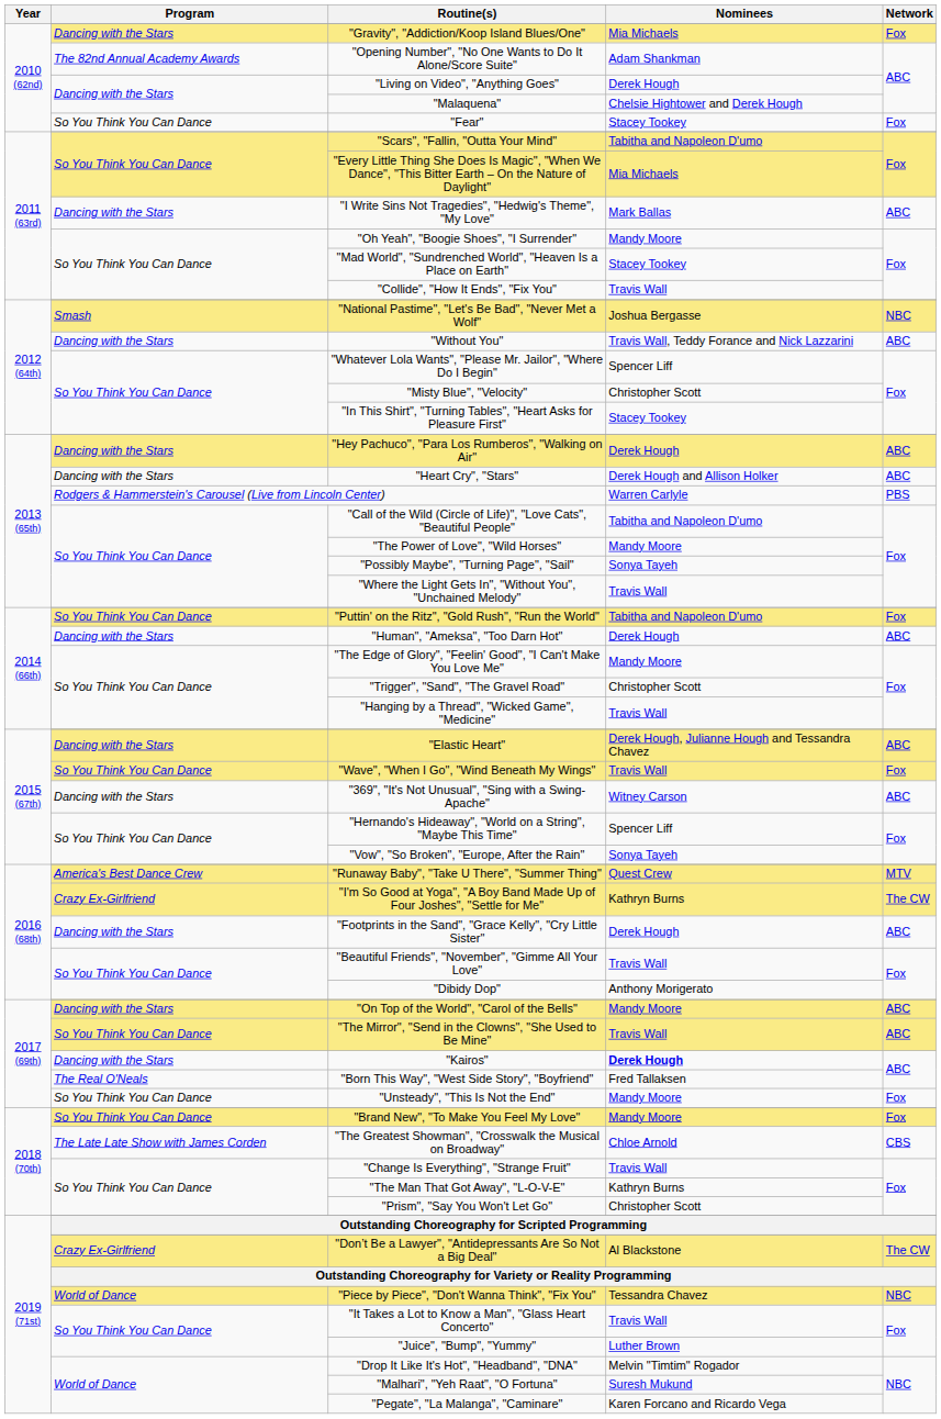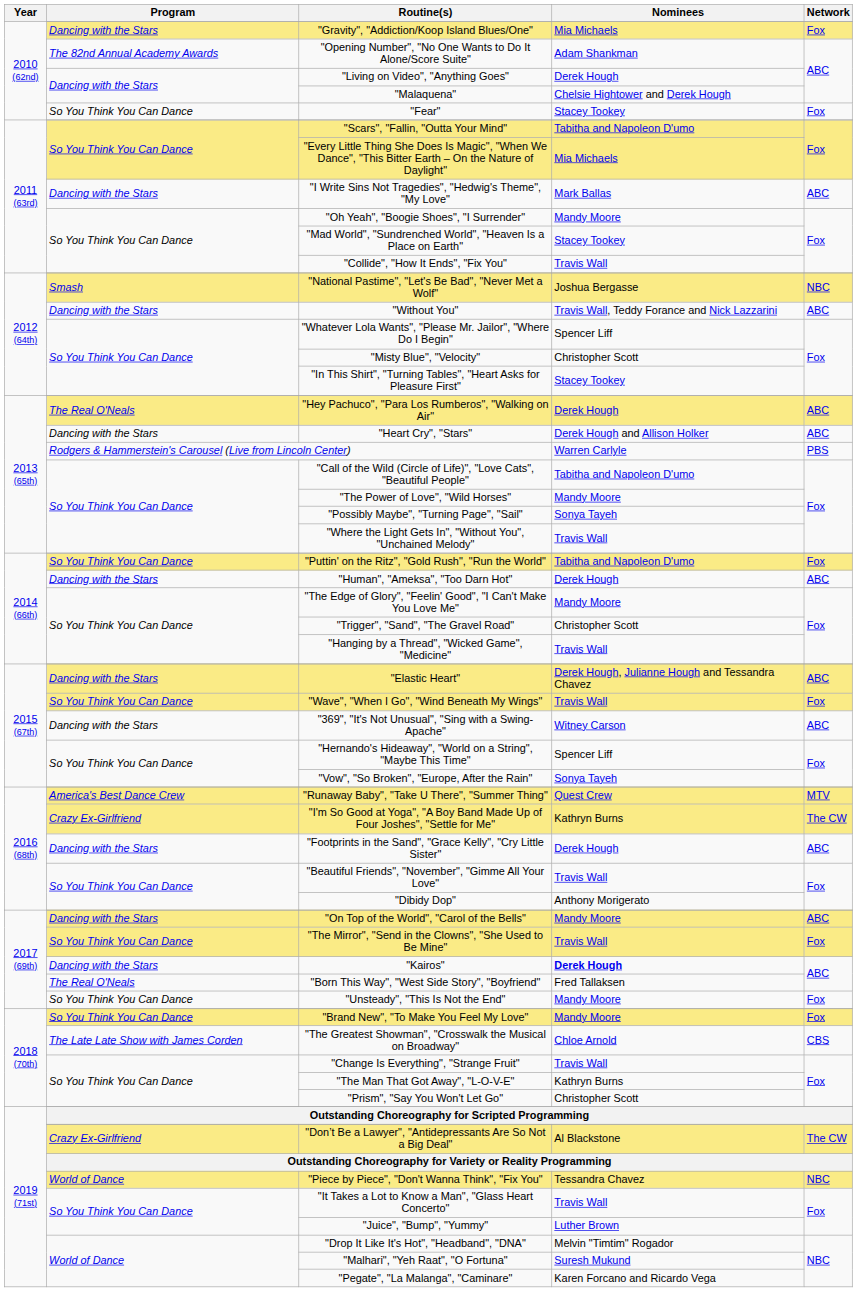 <table class="wikitable">
 <tr>
 <th width="5%">Year</th>
 <th width="30%">Program</th>
 <th width="30%">Routine(s)</th>
 <th width="30%">Nominees</th>
 <th width="5%">Network</th>
 </tr>
 <tr>
 <td rowspan="6" style="text-align:center;"><a href='#'>2010</a><br><small><a href='#'>(62nd)</a></small><br></td>
 </tr>
 <tr style="background:#FAEB86">
 <td><em><a href='#'>Dancing with the Stars</a></em></td>
 <td align=center>"Gravity", "Addiction/Koop Island Blues/One"</td>
 <td><a href='#'>Mia Michaels</a></td>
 <td><a href='#'>Fox</a></td>
 </tr>
 <tr>
 <td><em><a href='#'>The 82nd Annual Academy Awards</a></em></td>
 <td align=center>"Opening Number", "No One Wants to Do It Alone/Score Suite"</td>
 <td><a href='#'>Adam Shankman</a></td>
 <td rowspan=3><a href='#'>ABC</a></td>
 </tr>
 <tr>
 <td rowspan=2><em><a href='#'>Dancing with the Stars</a></em></td>
 <td align=center>"Living on Video", "Anything Goes"</td>
 <td><a href='#'>Derek Hough</a></td>
 </tr>
 <tr>
 <td align=center>"Malaquena"</td>
 <td><a href='#'>Chelsie Hightower</a> and <a href='#'>Derek Hough</a></td>
 </tr>
 <tr>
 <td><em>So You Think You Can Dance</em></td>
 <td align=center>"Fear"</td>
 <td><a href='#'>Stacey Tookey</a></td>
 <td><a href='#'>Fox</a></td>
 </tr>
 <tr>
 <td rowspan="7" style="text-align:center;"><a href='#'>2011</a><br><small><a href='#'>(63rd)</a></small><br></td>
 </tr>
 <tr style="background:#FAEB86">
 <td rowspan=2><em><a href='#'>So You Think You Can Dance</a></em></td>
 <td align=center>"Scars", "Fallin, "Outta Your Mind"</td>
 <td><a href='#'>Tabitha and Napoleon D'umo</a></td>
 <td rowspan=2><a href='#'>Fox</a></td>
 </tr>
 <tr style="background:#FAEB86">
 <td align=center>"Every Little Thing She Does Is Magic", "When We Dance", "This Bitter Earth – On the Nature of Daylight"</td>
 <td><a href='#'>Mia Michaels</a></td>
 </tr>
 <tr>
 <td><em><a href='#'>Dancing with the Stars</a></em></td>
 <td align=center>"I Write Sins Not Tragedies", "Hedwig's Theme", "My Love"</td>
 <td><a href='#'>Mark Ballas</a></td>
 <td><a href='#'>ABC</a></td>
 </tr>
 <tr>
 <td rowspan=3><em>So You Think You Can Dance</em></td>
 <td align=center>"Oh Yeah", "Boogie Shoes", "I Surrender"</td>
 <td><a href='#'>Mandy Moore</a></td>
 <td rowspan=3><a href='#'>Fox</a></td>
 </tr>
 <tr>
 <td align=center>"Mad World", "Sundrenched World", "Heaven Is a Place on Earth"</td>
 <td><a href='#'>Stacey Tookey</a></td>
 </tr>
 <tr>
 <td align=center>"Collide", "How It Ends", "Fix You"</td>
 <td><a href='#'>Travis Wall</a></td>
 </tr>
 <tr>
 <td rowspan="6" style="text-align:center;"><a href='#'>2012</a><br><small><a href='#'>(64th)</a></small><br></td>
 </tr>
 <tr style="background:#FAEB86">
 <td><em><a href='#'>Smash</a></em></td>
 <td align=center>"National Pastime", "Let's Be Bad", "Never Met a Wolf"</td>
 <td>Joshua Bergasse</td>
 <td><a href='#'>NBC</a></td>
 </tr>
 <tr>
 <td><em><a href='#'>Dancing with the Stars</a></em></td>
 <td align=center>"Without You"</td>
 <td><a href='#'>Travis Wall</a>, Teddy Forance and <a href='#'>Nick Lazzarini</a></td>
 <td><a href='#'>ABC</a></td>
 </tr>
 <tr>
 <td rowspan=3><em><a href='#'>So You Think You Can Dance</a></em></td>
 <td align=center>"Whatever Lola Wants", "Please Mr. Jailor", "Where Do I Begin"</td>
 <td>Spencer Liff</td>
 <td rowspan=3><a href='#'>Fox</a></td>
 </tr>
 <tr>
 <td align=center>"Misty Blue", "Velocity"</td>
 <td>Christopher Scott</td>
 </tr>
 <tr>
 <td align=center>"In This Shirt", "Turning Tables", "Heart Asks for Pleasure First"</td>
 <td><a href='#'>Stacey Tookey</a></td>
 </tr>
 <tr>
 <td rowspan="8" style="text-align:center;"><a href='#'>2013</a><br><small><a href='#'>(65th)</a></small><br></td>
 </tr>
 <tr style="background:#FAEB86">
-<td><em><a href='#'>Dancing with the Stars</a></em></td>
+<td><em><a href='#'>The Real O'Neals</a></em></td>
 <td align=center>"Hey Pachuco", "Para Los Rumberos", "Walking on Air"</td>
 <td><a href='#'>Derek Hough</a></td>
 <td><a href='#'>ABC</a></td>
 </tr>
 <tr>
 <td><em>Dancing with the Stars</em></td>
 <td align=center>"Heart Cry", "Stars"</td>
 <td><a href='#'>Derek Hough</a> and <a href='#'>Allison Holker</a></td>
 <td><a href='#'>ABC</a></td>
 </tr>
 <tr>
 <td colspan=2><em><a href='#'>Rodgers & Hammerstein's Carousel</a> (<a href='#'>Live from Lincoln Center</a>)</em></td>
 <td><a href='#'>Warren Carlyle</a></td>
 <td><a href='#'>PBS</a></td>
 </tr>
 <tr>
 <td rowspan=4><em><a href='#'>So You Think You Can Dance</a></em></td>
 <td align=center>"Call of the Wild (Circle of Life)", "Love Cats", "Beautiful People"</td>
 <td><a href='#'>Tabitha and Napoleon D'umo</a></td>
 <td rowspan=4><a href='#'>Fox</a></td>
 </tr>
 <tr>
 <td align=center>"The Power of Love", "Wild Horses"</td>
 <td><a href='#'>Mandy Moore</a></td>
 </tr>
 <tr>
 <td align=center>"Possibly Maybe", "Turning Page", "Sail"</td>
 <td><a href='#'>Sonya Tayeh</a></td>
 </tr>
 <tr>
 <td align=center>"Where the Light Gets In", "Without You", "Unchained Melody"</td>
 <td><a href='#'>Travis Wall</a></td>
 </tr>
 <tr>
 <td rowspan="6" style="text-align:center;"><a href='#'>2014</a><br><small><a href='#'>(66th)</a></small><br></td>
 </tr>
 <tr style="background:#FAEB86">
 <td><em><a href='#'>So You Think You Can Dance</a></em></td>
 <td align=center>"Puttin' on the Ritz", "Gold Rush", "Run the World"</td>
 <td><a href='#'>Tabitha and Napoleon D'umo</a></td>
 <td><a href='#'>Fox</a></td>
 </tr>
 <tr>
 <td><em><a href='#'>Dancing with the Stars</a></em></td>
 <td align=center>"Human", "Ameksa", "Too Darn Hot"</td>
 <td><a href='#'>Derek Hough</a></td>
 <td><a href='#'>ABC</a></td>
 </tr>
 <tr>
 <td rowspan=3><em>So You Think You Can Dance</em></td>
 <td align=center>"The Edge of Glory", "Feelin' Good", "I Can't Make You Love Me"</td>
 <td><a href='#'>Mandy Moore</a></td>
 <td rowspan=3><a href='#'>Fox</a></td>
 </tr>
 <tr>
 <td align=center>"Trigger", "Sand", "The Gravel Road"</td>
 <td>Christopher Scott</td>
 </tr>
 <tr>
 <td align=center>"Hanging by a Thread", "Wicked Game", "Medicine"</td>
 <td><a href='#'>Travis Wall</a></td>
 </tr>
 <tr>
 <td rowspan="6" style="text-align:center;"><a href='#'>2015</a><br><small><a href='#'>(67th)</a></small><br></td>
 </tr>
 <tr style="background:#FAEB86">
 <td><em><a href='#'>Dancing with the Stars</a></em></td>
 <td align=center>"Elastic Heart"</td>
 <td><a href='#'>Derek Hough</a>, <a href='#'>Julianne Hough</a> and Tessandra Chavez</td>
 <td><a href='#'>ABC</a></td>
 </tr>
 <tr style="background:#FAEB86">
 <td><em><a href='#'>So You Think You Can Dance</a></em></td>
 <td align=center>"Wave", "When I Go", "Wind Beneath My Wings"</td>
 <td><a href='#'>Travis Wall</a></td>
 <td><a href='#'>Fox</a></td>
 </tr>
 <tr>
 <td><em>Dancing with the Stars</em></td>
 <td align=center>"369", "It's Not Unusual", "Sing with a Swing-Apache"</td>
 <td><a href='#'>Witney Carson</a></td>
 <td><a href='#'>ABC</a></td>
 </tr>
 <tr>
 <td rowspan=2><em>So You Think You Can Dance</em></td>
 <td align=center>"Hernando's Hideaway", "World on a String", "Maybe This Time"</td>
 <td>Spencer Liff</td>
 <td rowspan=2><a href='#'>Fox</a></td>
 </tr>
 <tr>
 <td align=center>"Vow", "So Broken", "Europe, After the Rain"</td>
 <td><a href='#'>Sonya Tayeh</a></td>
 </tr>
 <tr>
 <td rowspan="6" style="text-align:center;"><a href='#'>2016</a><br><small><a href='#'>(68th)</a></small><br></td>
 </tr>
 <tr style="background:#FAEB86">
 <td><em><a href='#'>America's Best Dance Crew</a></em></td>
 <td align=center>"Runaway Baby", "Take U There", "Summer Thing"</td>
 <td><a href='#'>Quest Crew</a></td>
 <td><a href='#'>MTV</a></td>
 </tr>
 <tr style="background:#FAEB86">
 <td><em><a href='#'>Crazy Ex-Girlfriend</a></em></td>
 <td align=center>"I'm So Good at Yoga", "A Boy Band Made Up of Four Joshes", "Settle for Me"</td>
 <td>Kathryn Burns</td>
 <td><a href='#'>The CW</a></td>
 </tr>
 <tr>
 <td><em><a href='#'>Dancing with the Stars</a></em></td>
 <td align=center>"Footprints in the Sand", "Grace Kelly", "Cry Little Sister"</td>
 <td><a href='#'>Derek Hough</a></td>
 <td><a href='#'>ABC</a></td>
 </tr>
 <tr>
 <td rowspan=2><em><a href='#'>So You Think You Can Dance</a></em></td>
 <td align=center>"Beautiful Friends", "November", "Gimme All Your Love"</td>
 <td><a href='#'>Travis Wall</a></td>
 <td rowspan="2"><a href='#'>Fox</a></td>
 </tr>
 <tr>
 <td align=center>"Dibidy Dop"</td>
 <td>Anthony Morigerato</td>
 </tr>
 <tr>
 <td rowspan="6" style="text-align:center;"><a href='#'>2017</a><br><small><a href='#'>(69th)</a></small><br></td>
 </tr>
 <tr style="background:#FAEB86">
 <td><em><a href='#'>Dancing with the Stars</a></em></td>
 <td align=center>"On Top of the World", "Carol of the Bells"</td>
 <td><a href='#'>Mandy Moore</a></td>
 <td><a href='#'>ABC</a></td>
 </tr>
 <tr style="background:#FAEB86">
 <td><em><a href='#'>So You Think You Can Dance</a></em></td>
 <td align=center>"The Mirror", "Send in the Clowns", "She Used to Be Mine"</td>
 <td><a href='#'>Travis Wall</a></td>
-<td><a href='#'>ABC</a></td>
+<td><a href='#'>Fox</a></td>
 </tr>
 <tr>
 <td><em><a href='#'>Dancing with the Stars</a></em></td>
 <td align=center>"Kairos"</td>
 <td><strong><a href='#'>Derek Hough</a></strong></td>
 <td rowspan=2><a href='#'>ABC</a></td>
 </tr>
 <tr>
 <td><em><a href='#'>The Real O'Neals</a></em></td>
 <td align=center>"Born This Way", "West Side Story", "Boyfriend"</td>
 <td>Fred Tallaksen</td>
 </tr>
 <tr>
 <td><em>So You Think You Can Dance</em></td>
 <td align=center>"Unsteady", "This Is Not the End"</td>
 <td><a href='#'>Mandy Moore</a></td>
 <td><a href='#'>Fox</a></td>
 </tr>
 <tr>
 <td rowspan="6" style="text-align:center;"><a href='#'>2018</a><br><small><a href='#'>(70th)</a></small><br></td>
 </tr>
 <tr style="background:#FAEB86">
 <td><em><a href='#'>So You Think You Can Dance</a></em></td>
 <td align=center>"Brand New", "To Make You Feel My Love"</td>
 <td><a href='#'>Mandy Moore</a></td>
 <td><a href='#'>Fox</a></td>
 </tr>
 <tr>
 <td><em><a href='#'>The Late Late Show with James Corden</a></em></td>
 <td align=center>"The Greatest Showman", "Crosswalk the Musical on Broadway"</td>
 <td><a href='#'>Chloe Arnold</a></td>
 <td><a href='#'>CBS</a></td>
 </tr>
 <tr>
 <td rowspan=3><em>So You Think You Can Dance</em></td>
 <td align=center>"Change Is Everything", "Strange Fruit"</td>
 <td><a href='#'>Travis Wall</a></td>
 <td rowspan=3><a href='#'>Fox</a></td>
 </tr>
 <tr>
 <td align=center>"The Man That Got Away", "L-O-V-E"</td>
 <td>Kathryn Burns</td>
 </tr>
 <tr>
 <td align=center>"Prism", "Say You Won't Let Go"</td>
 <td>Christopher Scott</td>
 </tr>
 <tr>
 <td rowspan=13 style="text-align:center"><a href='#'>2019</a><br><small><a href='#'>(71st)</a></small></td>
 </tr>
 <tr>
 <th colspan="6">Outstanding Choreography for Scripted Programming</th>
 </tr>
 <tr>
 </tr>
 <tr style="background:#FAEB86">
 <td><em><a href='#'>Crazy Ex-Girlfriend</a></em></td>
 <td align=center>"Don’t Be a Lawyer", "Antidepressants Are So Not a Big Deal"</td>
 <td>Al Blackstone</td>
 <td><a href='#'>The CW</a></td>
 </tr>
 <tr>
 <th colspan="7">Outstanding Choreography for Variety or Reality Programming</th>
 </tr>
 <tr style="background:#FAEB86">
 <td><em><a href='#'>World of Dance</a></em></td>
 <td align=center>"Piece by Piece", "Don't Wanna Think", "Fix You"</td>
 <td>Tessandra Chavez</td>
 <td><a href='#'>NBC</a></td>
 </tr>
 <tr>
 <td rowspan=2><em><a href='#'>So You Think You Can Dance</a></em></td>
 <td align=center>"It Takes a Lot to Know a Man", "Glass Heart Concerto"</td>
 <td><a href='#'>Travis Wall</a></td>
 <td rowspan=2><a href='#'>Fox</a></td>
 </tr>
 <tr>
 <td align=center>"Juice", "Bump", "Yummy"</td>
 <td><a href='#'>Luther Brown</a></td>
 </tr>
 <tr>
 <td rowspan=3><em><a href='#'>World of Dance</a></em></td>
 <td align=center>"Drop It Like It's Hot", "Headband", "DNA"</td>
 <td>Melvin "Timtim" Rogador</td>
 <td rowspan=3><a href='#'>NBC</a></td>
 </tr>
 <tr>
 <td align=center>"Malhari", "Yeh Raat", "O Fortuna"</td>
 <td><a href='#'>Suresh Mukund</a></td>
 </tr>
 <tr>
 <td align=center>"Pegate", "La Malanga", "Caminare"</td>
 <td>Karen Forcano and Ricardo Vega</td>
 </tr>
 </table>
